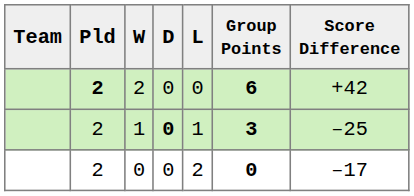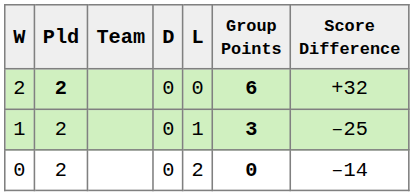 <table style=border-collapse:collapse border=1 cellspacing=0 cellpadding=5>
 <tr align=center bgcolor=#efefef>
+<th>W</th>
+<th>Pld</th>
 <th>Team</th>
-<th>Pld</th>
-<th>W</th>
 <th>D</th>
 <th>L</th>
 <th><small>Group<br>Points</small></th>
 <th><small>Score<br>Difference</small></th>
 </tr>
 <tr align=center style="background:#D0F0C0;">
+<td>2</td>
+<td><strong>2</strong></td>
 <td style="text-align:left;"> </td>
-<td><strong>2</strong></td>
-<td>2</td>
 <td>0</td>
 <td>0</td>
 <td><strong>6</strong></td>
-<td>+42</td>
+<td>+32</td>
 </tr>
 <tr align=center style="background:#D0F0C0;">
+<td>1</td>
+<td>2</td>
 <td style="text-align:left;"> </td>
-<td>2</td>
-<td>1</td>
-<td><strong>0</strong></td>
+<td>0</td>
 <td>1</td>
 <td><strong>3</strong></td>
 <td>–25</td>
 </tr>
 <tr align=center style="background:#FFFFFF;">
+<td>0</td>
+<td>2</td>
 <td style="text-align:left;"> </td>
-<td>2</td>
-<td>0</td>
 <td>0</td>
 <td>2</td>
 <td><strong>0</strong></td>
-<td>–17</td>
+<td>–14</td>
 </tr>
 </table>
